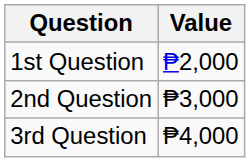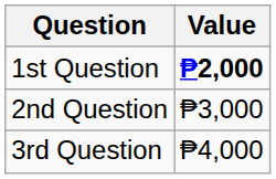 <table class="wikitable" border="1">
 <tr>
 <th>Question</th>
 <th>Value</th>
 </tr>
 <tr>
 <td>1st Question</td>
-<td><a href='#'>₱</a>2,000</td>
+<td><strong><a href='#'>₱</a>2,000</strong></td>
 </tr>
 <tr>
 <td>2nd Question</td>
 <td>₱3,000</td>
 </tr>
 <tr>
 <td>3rd Question</td>
 <td>₱4,000</td>
 </tr>
 </table>
